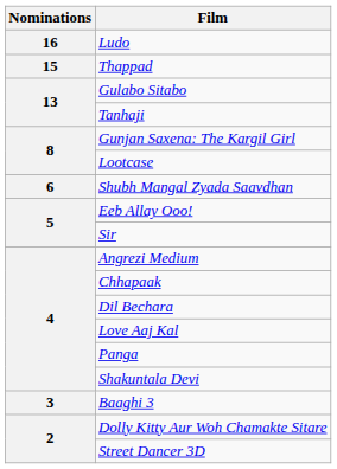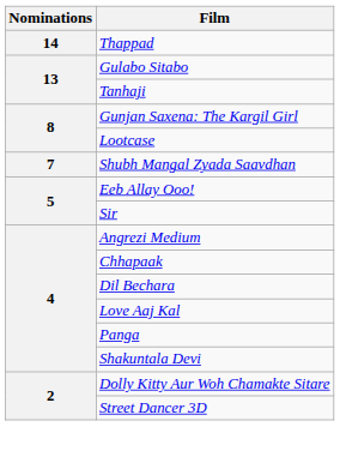 <table class="wikitable" style="display:inline-table;">
 <tr>
 <th>Nominations</th>
 <th>Film</th>
 </tr>
 <tr>
-<th>16</th>
-<td><em><a href='#'>Ludo</a></em></td>
-</tr>
-<tr>
-<th>15</th>
+<th>14</th>
 <td><em><a href='#'>Thappad</a></em></td>
 </tr>
 <tr>
 <th rowspan=2>13</th>
 <td><em><a href='#'>Gulabo Sitabo</a></em></td>
 </tr>
 <tr>
 <td><em><a href='#'>Tanhaji</a> </em></td>
 </tr>
 <tr>
 <th rowspan=2>8</th>
 <td><em><a href='#'>Gunjan Saxena: The Kargil Girl</a></em></td>
 </tr>
 <tr>
 <td><em><a href='#'>Lootcase</a></em></td>
 </tr>
 <tr>
-<th>6</th>
+<th>7</th>
 <td><em><a href='#'>Shubh Mangal Zyada Saavdhan</a></em></td>
 </tr>
 <tr>
 <th rowspan=2>5</th>
 <td><em><a href='#'>Eeb Allay Ooo!</a></em></td>
 </tr>
 <tr>
 <td><em><a href='#'>Sir</a></em></td>
 </tr>
 <tr>
 <th rowspan=6>4</th>
 <td><em><a href='#'>Angrezi Medium</a></em></td>
 </tr>
 <tr>
 <td><em><a href='#'>Chhapaak</a></em></td>
 </tr>
 <tr>
 <td><em><a href='#'>Dil Bechara</a></em></td>
 </tr>
 <tr>
 <td><em><a href='#'>Love Aaj Kal</a></em></td>
 </tr>
 <tr>
 <td><em><a href='#'>Panga</a></em></td>
 </tr>
 <tr>
 <td><em><a href='#'>Shakuntala Devi</a></em></td>
 </tr>
 <tr>
-<th rowspan=1>3</th>
-<td><em><a href='#'>Baaghi 3</a></em></td>
-</tr>
-<tr>
 <th rowspan=2>2</th>
 <td><em><a href='#'>Dolly Kitty Aur Woh Chamakte Sitare</a></em></td>
 </tr>
 <tr>
 <td><em><a href='#'>Street Dancer 3D</a></em></td>
 </tr>
 </table>
